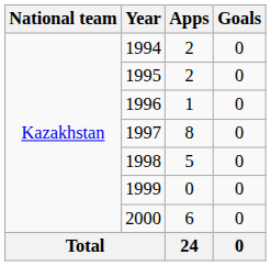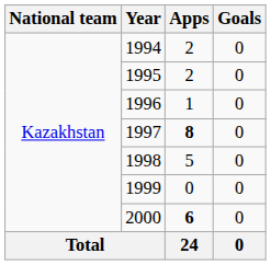 <table class=wikitable style=text-align:center>
 <tr>
 <th>National team</th>
 <th>Year</th>
 <th>Apps</th>
 <th>Goals</th>
 </tr>
 <tr>
 <td rowspan=7><a href='#'>Kazakhstan</a></td>
 <td>1994</td>
 <td>2</td>
 <td>0</td>
 </tr>
 <tr>
 <td>1995</td>
 <td>2</td>
 <td>0</td>
 </tr>
 <tr>
 <td>1996</td>
 <td>1</td>
 <td>0</td>
 </tr>
 <tr>
 <td>1997</td>
-<td>8</td>
+<td><strong>8</strong></td>
 <td>0</td>
 </tr>
 <tr>
 <td>1998</td>
 <td>5</td>
 <td>0</td>
 </tr>
 <tr>
 <td>1999</td>
 <td>0</td>
 <td>0</td>
 </tr>
 <tr>
 <td>2000</td>
-<td>6</td>
+<td><strong>6</strong></td>
 <td>0</td>
 </tr>
 <tr>
 <th colspan=2>Total</th>
 <th>24</th>
 <th>0</th>
 </tr>
 </table>
